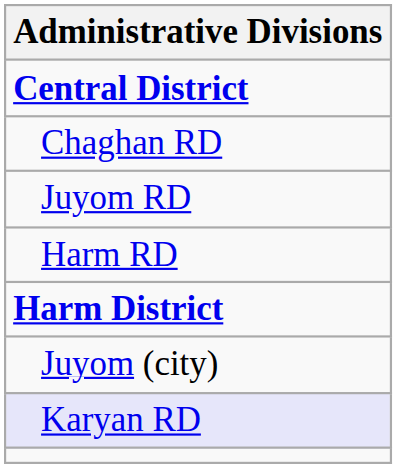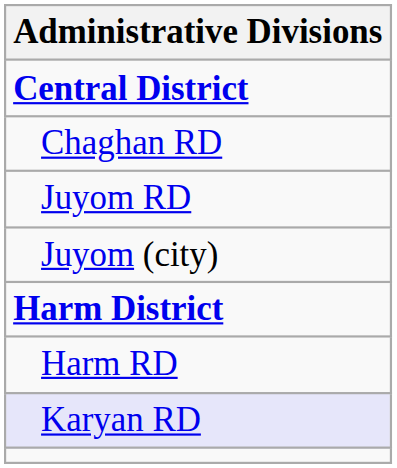 <table class="wikitable">
 <tr>
 <th>Administrative Divisions</th>
 </tr>
 <tr>
 <td><strong><a href='#'>Central District</a></strong></td>
 </tr>
 <tr>
 <td style="padding-left: 1em;"><a href='#'>Chaghan RD</a></td>
 </tr>
 <tr>
 <td style="padding-left: 1em;"><a href='#'>Juyom RD</a></td>
 </tr>
 <tr>
-<td style="padding-left: 1em;"><a href='#'>Harm RD</a></td>
+<td style="padding-left: 1em;"><a href='#'>Juyom</a> (city)</td>
 </tr>
 <tr>
 <td><strong><a href='#'>Harm District</a></strong></td>
 </tr>
 <tr>
-<td style="padding-left: 1em;"><a href='#'>Juyom</a> (city)</td>
+<td style="padding-left: 1em;"><a href='#'>Harm RD</a></td>
 </tr>
 <tr>
 <td style="background: lavender; padding-left: 1em;"><a href='#'>Karyan RD</a></td>
 </tr>
 <tr>
 <td colspan=1></td>
 </tr>
 </table>
